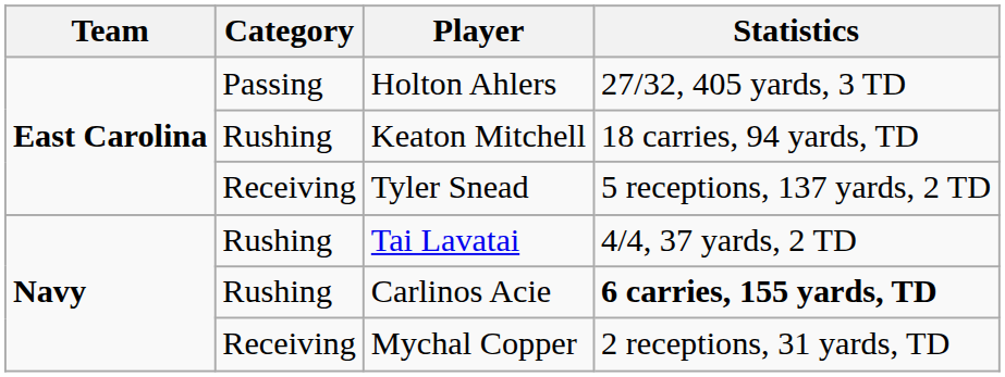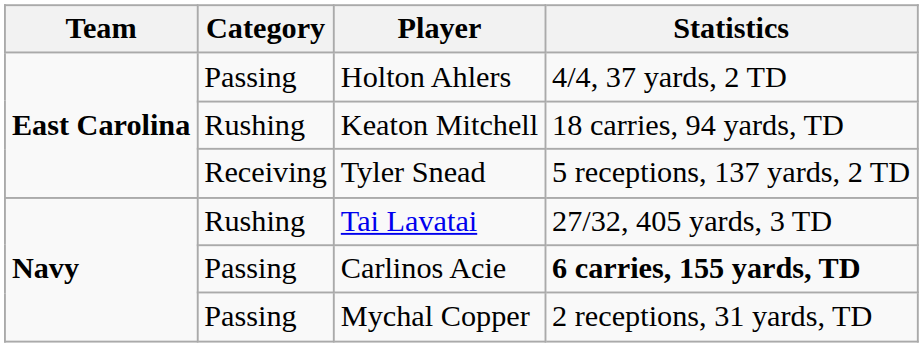 <table class="wikitable" style="float: left;">
 <tr>
 <th>Team</th>
 <th>Category</th>
 <th>Player</th>
 <th>Statistics</th>
 </tr>
 <tr>
 <td rowspan=3><strong>East Carolina</strong></td>
 <td>Passing</td>
 <td>Holton Ahlers</td>
-<td>27/32, 405 yards, 3 TD</td>
+<td>4/4, 37 yards, 2 TD</td>
 </tr>
 <tr>
 <td>Rushing</td>
 <td>Keaton Mitchell</td>
 <td>18 carries, 94 yards, TD</td>
 </tr>
 <tr>
 <td>Receiving</td>
 <td>Tyler Snead</td>
 <td>5 receptions, 137 yards, 2 TD</td>
 </tr>
 <tr>
 <td rowspan=3><strong>Navy</strong></td>
 <td>Rushing</td>
 <td><a href='#'>Tai Lavatai</a></td>
-<td>4/4, 37 yards, 2 TD</td>
+<td>27/32, 405 yards, 3 TD</td>
 </tr>
 <tr>
-<td>Rushing</td>
+<td>Passing</td>
 <td>Carlinos Acie</td>
 <td><strong>6 carries, 155 yards, TD</strong></td>
 </tr>
 <tr>
-<td>Receiving</td>
+<td>Passing</td>
 <td>Mychal Copper</td>
 <td>2 receptions, 31 yards, TD</td>
 </tr>
 </table>
